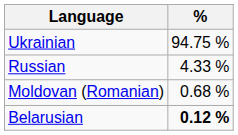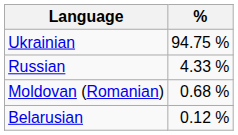 <table class="wikitable">
 <tr>
 <th>Language</th>
 <th>%</th>
 </tr>
 <tr>
 <td><a href='#'>Ukrainian</a></td>
 <td align="right">94.75 %</td>
 </tr>
 <tr>
 <td><a href='#'>Russian</a></td>
 <td align="right">4.33 %</td>
 </tr>
 <tr>
 <td><a href='#'>Moldovan</a> (<a href='#'>Romanian</a>)</td>
 <td align="right">0.68 %</td>
 </tr>
 <tr>
 <td><a href='#'>Belarusian</a></td>
-<td align="right"><strong>0.12 %</strong></td>
+<td align="right">0.12 %</td>
 </tr>
 </table>
